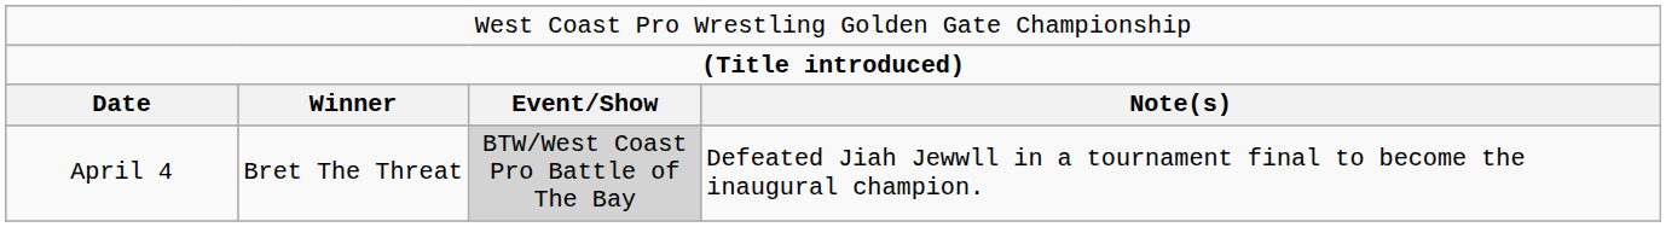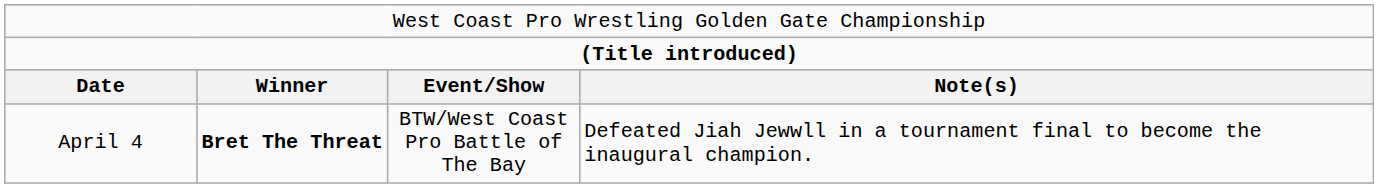 <table class="wikitable" style="text-align:center; width:100%;">
 <tr>
 <td colspan="4" style="text-align: center;">West Coast Pro Wrestling Golden Gate Championship</td>
 </tr>
 <tr>
 <td colspan="4" style="text-align: center;"><strong>(Title introduced)</strong></td>
 </tr>
 <tr>
 <th width="14%">Date</th>
 <th width="14%">Winner</th>
 <th width="14%">Event/Show</th>
 <th width="58%">Note(s)</th>
 </tr>
 <tr>
 <td>April 4</td>
-<td>Bret The Threat</td>
-<td style="background: lightgrey;">BTW/West Coast Pro Battle of The Bay</td>
+<td><strong>Bret The Threat</strong></td>
+<td>BTW/West Coast Pro Battle of The Bay</td>
 <td align=left>Defeated Jiah Jewwll in a tournament final to become the inaugural champion.</td>
 </tr>
 </table>
